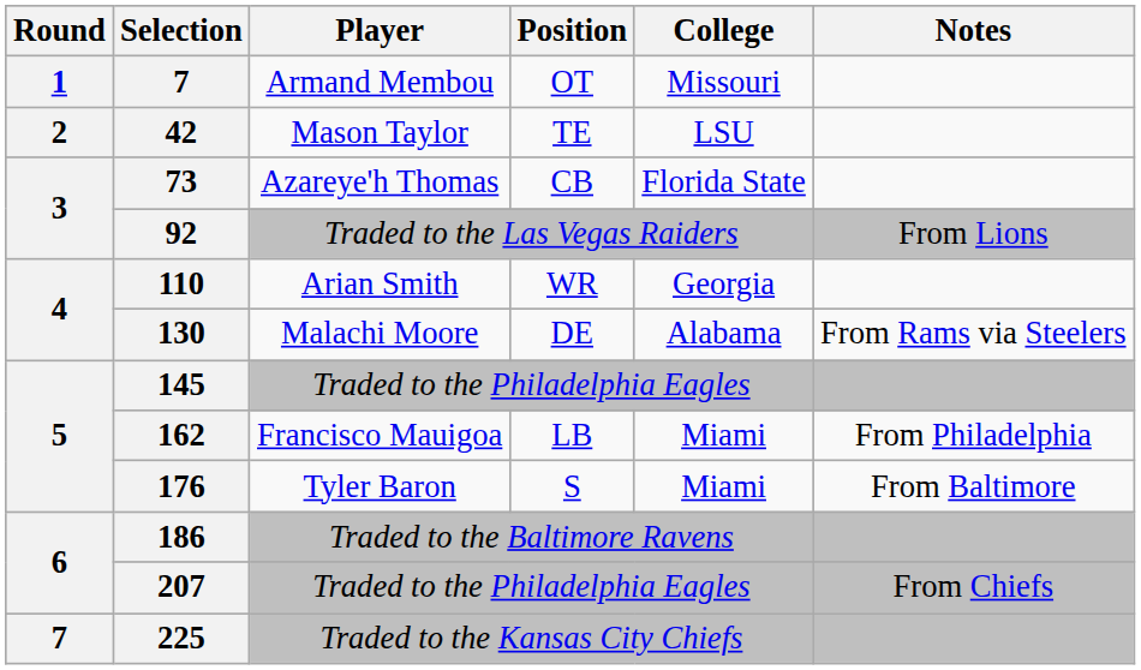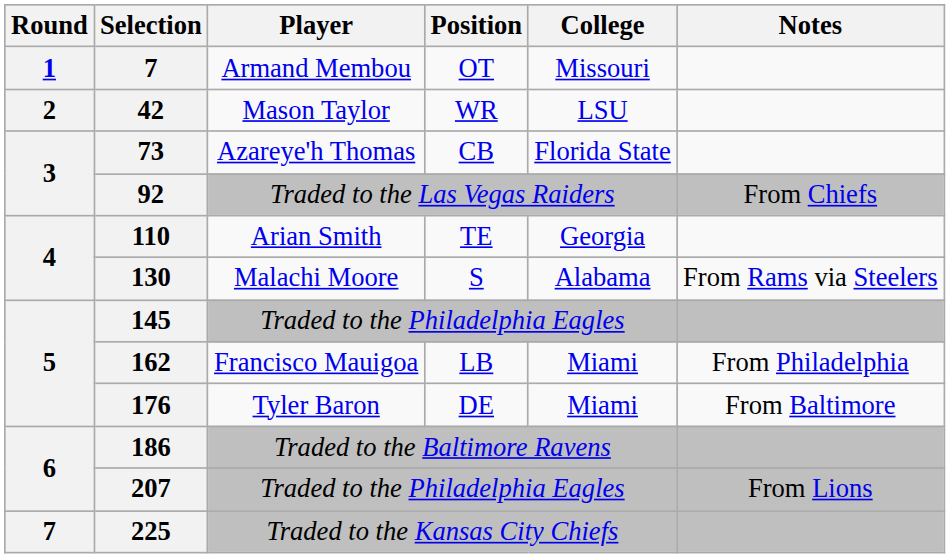 <table class="wikitable" style="text-align:center">
 <tr>
 <th>Round</th>
 <th>Selection</th>
 <th>Player</th>
 <th>Position</th>
 <th>College</th>
 <th>Notes</th>
 </tr>
 <tr>
 <th><a href='#'>1</a></th>
 <th>7</th>
 <td><a href='#'>Armand Membou</a></td>
 <td><a href='#'>OT</a></td>
 <td><a href='#'>Missouri</a></td>
 <td></td>
 </tr>
 <tr>
 <th>2</th>
 <th>42</th>
 <td><a href='#'>Mason Taylor</a></td>
-<td><a href='#'>TE</a></td>
+<td><a href='#'>WR</a></td>
 <td><a href='#'>LSU</a></td>
 <td></td>
 </tr>
 <tr>
 <th rowspan=2>3</th>
 <th>73</th>
 <td><a href='#'>Azareye'h Thomas</a></td>
 <td><a href='#'>CB</a></td>
 <td><a href='#'>Florida State</a></td>
 <td></td>
 </tr>
 <tr>
 <th>92</th>
 <td colspan=3 style="background:#BFBFBF"><em>Traded to the <a href='#'>Las Vegas Raiders</a></em></td>
-<td style="background:#BFBFBF">From <a href='#'>Lions</a></td>
+<td style="background:#BFBFBF">From <a href='#'>Chiefs</a></td>
 </tr>
 <tr>
 <th rowspan="2">4</th>
 <th>110</th>
 <td><a href='#'>Arian Smith</a></td>
-<td><a href='#'>WR</a></td>
+<td><a href='#'>TE</a></td>
 <td><a href='#'>Georgia</a></td>
 <td></td>
 </tr>
 <tr>
 <th>130</th>
 <td><a href='#'>Malachi Moore</a></td>
-<td><a href='#'>DE</a></td>
+<td><a href='#'>S</a></td>
 <td><a href='#'>Alabama</a></td>
 <td>From <a href='#'>Rams</a> via <a href='#'>Steelers</a></td>
 </tr>
 <tr>
 <th rowspan="3">5</th>
 <th>145</th>
 <td colspan=3 style="background:#BFBFBF"><em>Traded to the <a href='#'>Philadelphia Eagles</a></em></td>
 <td style="background:#BFBFBF"></td>
 </tr>
 <tr>
 <th>162</th>
 <td><a href='#'>Francisco Mauigoa</a></td>
 <td><a href='#'>LB</a></td>
 <td><a href='#'>Miami</a></td>
 <td>From <a href='#'>Philadelphia</a></td>
 </tr>
 <tr>
 <th>176</th>
 <td><a href='#'>Tyler Baron</a></td>
-<td><a href='#'>S</a></td>
+<td><a href='#'>DE</a></td>
 <td><a href='#'>Miami</a></td>
 <td>From <a href='#'>Baltimore</a></td>
 </tr>
 <tr>
 <th rowspan="2">6</th>
 <th>186</th>
 <td colspan=3 style="background:#BFBFBF"><em>Traded to the <a href='#'>Baltimore Ravens</a></em></td>
 <td style="background:#BFBFBF"></td>
 </tr>
 <tr>
 <th>207</th>
 <td colspan=3 style="background:#BFBFBF"><em>Traded to the <a href='#'>Philadelphia Eagles</a></em></td>
-<td style="background:#BFBFBF">From <a href='#'>Chiefs</a></td>
+<td style="background:#BFBFBF">From <a href='#'>Lions</a></td>
 </tr>
 <tr>
 <th>7</th>
 <th>225</th>
 <td colspan="3" style="background:#BFBFBF"><em>Traded to the <a href='#'>Kansas City Chiefs</a></em></td>
 <td style="background:#BFBFBF"></td>
 </tr>
 </table>
